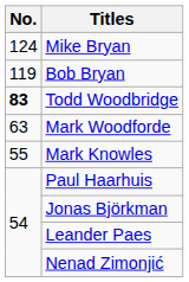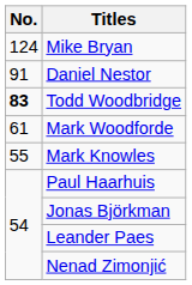 <table class="wikitable" style="display: inline-table;">
 <tr>
 <th>No.</th>
 <th>Titles</th>
 </tr>
 <tr>
 <td>124</td>
 <td> <a href='#'>Mike Bryan</a></td>
 </tr>
 <tr>
-<td>119</td>
-<td> <a href='#'>Bob Bryan</a></td>
+<td>91</td>
+<td> <a href='#'>Daniel Nestor</a></td>
 </tr>
 <tr>
 <td><strong>83</strong></td>
 <td> <a href='#'>Todd Woodbridge</a></td>
 </tr>
 <tr>
-<td>63</td>
+<td>61</td>
 <td> <a href='#'>Mark Woodforde</a></td>
 </tr>
 <tr>
 <td>55</td>
 <td> <a href='#'>Mark Knowles</a></td>
 </tr>
 <tr>
 <td rowspan="4">54</td>
 <td> <a href='#'>Paul Haarhuis</a></td>
 </tr>
 <tr>
 <td> <a href='#'>Jonas Björkman</a></td>
 </tr>
 <tr>
 <td> <a href='#'>Leander Paes</a></td>
 </tr>
 <tr>
 <td> <a href='#'>Nenad Zimonjić</a></td>
 </tr>
 </table>
